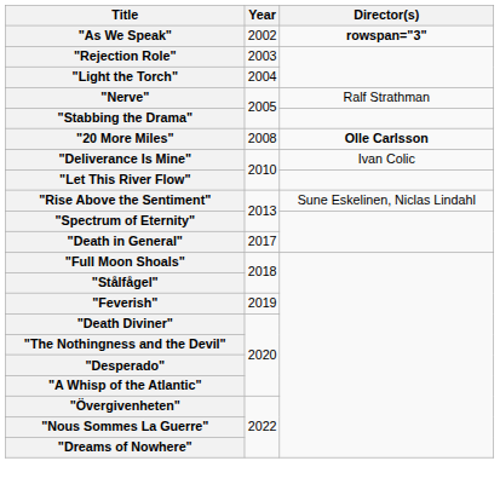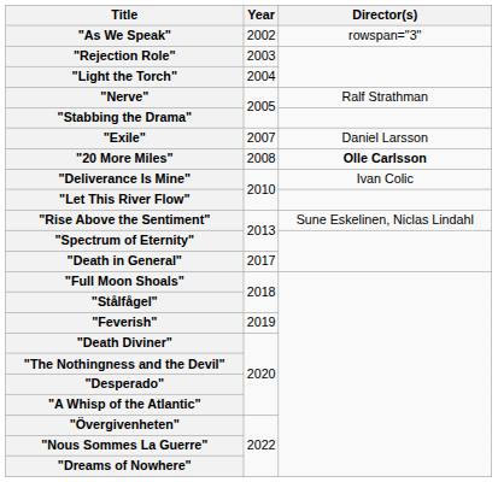 <table class="wikitable plainrowheaders" style="text-align:center;">
 <tr>
 <th scope="col" style="width:18em;">Title</th>
 <th scope="col">Year</th>
 <th scope="col" style="width:16em;">Director(s)</th>
 </tr>
 <tr>
 <th scope="row">"As We Speak"</th>
 <td>2002</td>
-<td><strong>rowspan="3" </strong></td>
+<td>rowspan="3" </td>
 </tr>
 <tr>
 <th scope="row">"Rejection Role"</th>
 <td>2003</td>
 </tr>
 <tr>
 <th scope="row">"Light the Torch"</th>
 <td>2004</td>
 </tr>
 <tr>
 <th scope="row">"Nerve"</th>
 <td rowspan="2">2005</td>
 <td>Ralf Strathman</td>
 </tr>
 <tr>
 <th scope="row">"Stabbing the Drama"</th>
 <td></td>
+</tr>
+<tr>
+<th scope="row">"Exile"</th>
+<td>2007</td>
+<td>Daniel Larsson</td>
 </tr>
 <tr>
 <th scope="row">"20 More Miles"</th>
 <td>2008</td>
 <td><strong>Olle Carlsson</strong></td>
 </tr>
 <tr>
 <th scope="row">"Deliverance Is Mine"</th>
 <td rowspan="2">2010</td>
 <td>Ivan Colic</td>
 </tr>
 <tr>
 <th scope="row">"Let This River Flow"</th>
 <td></td>
 </tr>
 <tr>
 <th scope="row">"Rise Above the Sentiment"</th>
 <td rowspan="2">2013</td>
 <td>Sune Eskelinen, Niclas Lindahl</td>
 </tr>
 <tr>
 <th scope="row">"Spectrum of Eternity"</th>
 <td rowspan="2"></td>
 </tr>
 <tr>
 <th scope="row">"Death in General"</th>
 <td>2017</td>
 </tr>
 <tr>
 <th scope="row">"Full Moon Shoals"</th>
 <td rowspan="2">2018</td>
 </tr>
 <tr>
 <th scope="row">"Stålfågel"</th>
 </tr>
 <tr>
 <th scope="row">"Feverish"</th>
 <td>2019</td>
 </tr>
 <tr>
 <th scope="row">"Death Diviner"</th>
 <td rowspan="4">2020</td>
 </tr>
 <tr>
 <th scope="row">"The Nothingness and the Devil"</th>
 </tr>
 <tr>
 <th scope="row">"Desperado"</th>
 </tr>
 <tr>
 <th scope="row">"A Whisp of the Atlantic"</th>
 </tr>
 <tr>
 <th scope="row">"Övergivenheten"</th>
 <td rowspan="3">2022</td>
 </tr>
 <tr>
 <th scope="row">"Nous Sommes La Guerre"</th>
 </tr>
 <tr>
 <th scope="row">"Dreams of Nowhere"</th>
 </tr>
 </table>
